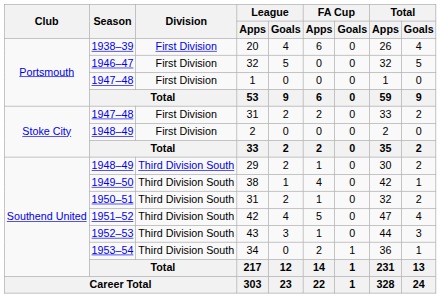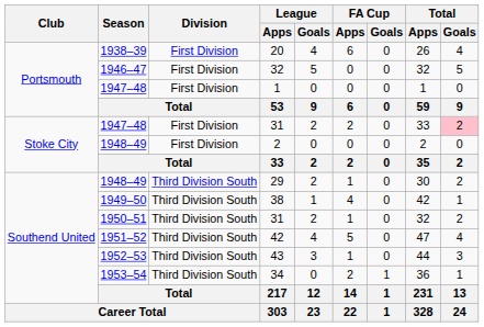 <table class="wikitable" style="text-align: center;">
 <tr>
 <th rowspan="2">Club</th>
 <th rowspan="2">Season</th>
 <th rowspan="2">Division</th>
 <th colspan="2">League</th>
 <th colspan="2">FA Cup</th>
 <th colspan="2">Total</th>
 </tr>
 <tr>
 <th>Apps</th>
 <th>Goals</th>
 <th>Apps</th>
 <th>Goals</th>
 <th>Apps</th>
 <th>Goals</th>
 </tr>
 <tr>
 <td rowspan="4"><a href='#'>Portsmouth</a></td>
 <td><a href='#'>1938–39</a></td>
 <td><a href='#'>First Division</a></td>
 <td>20</td>
 <td>4</td>
 <td>6</td>
 <td>0</td>
 <td>26</td>
 <td>4</td>
 </tr>
 <tr>
 <td><a href='#'>1946–47</a></td>
 <td>First Division</td>
 <td>32</td>
 <td>5</td>
 <td>0</td>
 <td>0</td>
 <td>32</td>
 <td>5</td>
 </tr>
 <tr>
 <td><a href='#'>1947–48</a></td>
 <td>First Division</td>
 <td>1</td>
 <td>0</td>
 <td>0</td>
 <td>0</td>
 <td>1</td>
 <td>0</td>
 </tr>
 <tr>
 <th colspan="2">Total</th>
 <th>53</th>
 <th>9</th>
 <th>6</th>
 <th>0</th>
 <th>59</th>
 <th>9</th>
 </tr>
 <tr>
 <td rowspan="3"><a href='#'>Stoke City</a></td>
 <td><a href='#'>1947–48</a></td>
 <td>First Division</td>
 <td>31</td>
 <td>2</td>
 <td>2</td>
 <td>0</td>
 <td>33</td>
-<td>2</td>
+<td style="background: pink;">2</td>
 </tr>
 <tr>
 <td><a href='#'>1948–49</a></td>
 <td>First Division</td>
 <td>2</td>
 <td>0</td>
 <td>0</td>
 <td>0</td>
 <td>2</td>
 <td>0</td>
 </tr>
 <tr>
 <th colspan="2">Total</th>
 <th>33</th>
 <th>2</th>
 <th>2</th>
 <th>0</th>
 <th>35</th>
 <th>2</th>
 </tr>
 <tr>
 <td rowspan="7"><a href='#'>Southend United</a></td>
 <td><a href='#'>1948–49</a></td>
 <td><a href='#'>Third Division South</a></td>
 <td>29</td>
 <td>2</td>
 <td>1</td>
 <td>0</td>
 <td>30</td>
 <td>2</td>
 </tr>
 <tr>
 <td><a href='#'>1949–50</a></td>
 <td>Third Division South</td>
 <td>38</td>
 <td>1</td>
 <td>4</td>
 <td>0</td>
 <td>42</td>
 <td>1</td>
 </tr>
 <tr>
 <td><a href='#'>1950–51</a></td>
 <td>Third Division South</td>
 <td>31</td>
 <td>2</td>
 <td>1</td>
 <td>0</td>
 <td>32</td>
 <td>2</td>
 </tr>
 <tr>
 <td><a href='#'>1951–52</a></td>
 <td>Third Division South</td>
 <td>42</td>
 <td>4</td>
 <td>5</td>
 <td>0</td>
 <td>47</td>
 <td>4</td>
 </tr>
 <tr>
 <td><a href='#'>1952–53</a></td>
 <td>Third Division South</td>
 <td>43</td>
 <td>3</td>
 <td>1</td>
 <td>0</td>
 <td>44</td>
 <td>3</td>
 </tr>
 <tr>
 <td><a href='#'>1953–54</a></td>
 <td>Third Division South</td>
 <td>34</td>
 <td>0</td>
 <td>2</td>
 <td>1</td>
 <td>36</td>
 <td>1</td>
 </tr>
 <tr>
 <th colspan="2">Total</th>
 <th>217</th>
 <th>12</th>
 <th>14</th>
 <th>1</th>
 <th>231</th>
 <th>13</th>
 </tr>
 <tr>
 <th colspan="3">Career Total</th>
 <th>303</th>
 <th>23</th>
 <th>22</th>
 <th>1</th>
 <th>328</th>
 <th>24</th>
 </tr>
 </table>
